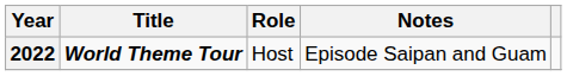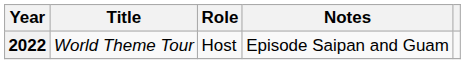 <table class="wikitable  plainrowheaders">
 <tr>
 <th scope="col">Year</th>
 <th scope="col">Title</th>
 <th scope="col">Role</th>
 <th scope="col">Notes</th>
 <th scope="col" class="unsortable"></th>
 </tr>
 <tr>
 <th scope="row">2022</th>
-<td><strong><em>World Theme Tour</em></strong></td>
+<td><em>World Theme Tour</em></td>
 <td>Host</td>
 <td>Episode Saipan and Guam</td>
 <td></td>
 </tr>
 <tr>
 </tr>
 </table>
